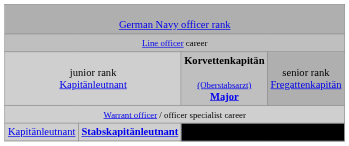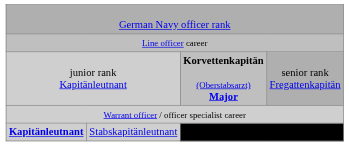 <table class="toccolours" border="1" cellpadding="4" cellspacing="0" style="border-collapse: collapse; margin: 0.5em auto; clear: both;">
 <tr>
 <td align="center" colspan="4" style="background:#afafaf;"><br><a href='#'>German Navy officer rank</a></td>
 </tr>
 <tr>
 <td align="center" colspan="4" style="background:#bfbfbf;"><small><a href='#'>Line officer</a> career</small></td>
 </tr>
 <tr>
 <td align="center" colspan="2" style="background:#cfcfcf;">junior rank<br><a href='#'>Kapitänleutnant</a></td>
 <td align="center" rowspan="1" style="background:#bfbfbf;"><span><strong>Korvettenkapitän</strong></span><br><br><a href='#'><span><small>(Oberstabsarzt)</small></span></a><br><a href='#'><span><strong>Major</strong></span></a></td>
 <td align="center" rowspan="1" style="background:#afafaf;">senior rank<br><a href='#'>Fregattenkapitän</a></td>
 </tr>
 <tr>
 <td width="00%" align="center" colspan="4" style="background:#cfcfcf;"><small><a href='#'>Warrant officer</a> / officer specialist career</small></td>
 </tr>
 <tr>
-<td align="center" style="background:#cfcfcf;"><a href='#'>Kapitänleutnant</a></td>
-<td align="center" style="background:#cfcfcf;"><strong><a href='#'>Stabskapitänleutnant</a></strong></td>
+<td align="center" style="background:#cfcfcf;"><strong><a href='#'>Kapitänleutnant</a></strong></td>
+<td align="center" style="background:#cfcfcf;"><a href='#'>Stabskapitänleutnant</a></td>
 <td align="center" colspan="2" style="background-color:black;"><span><strong>end of officer specialist career</strong></span></td>
 </tr>
 </table>
